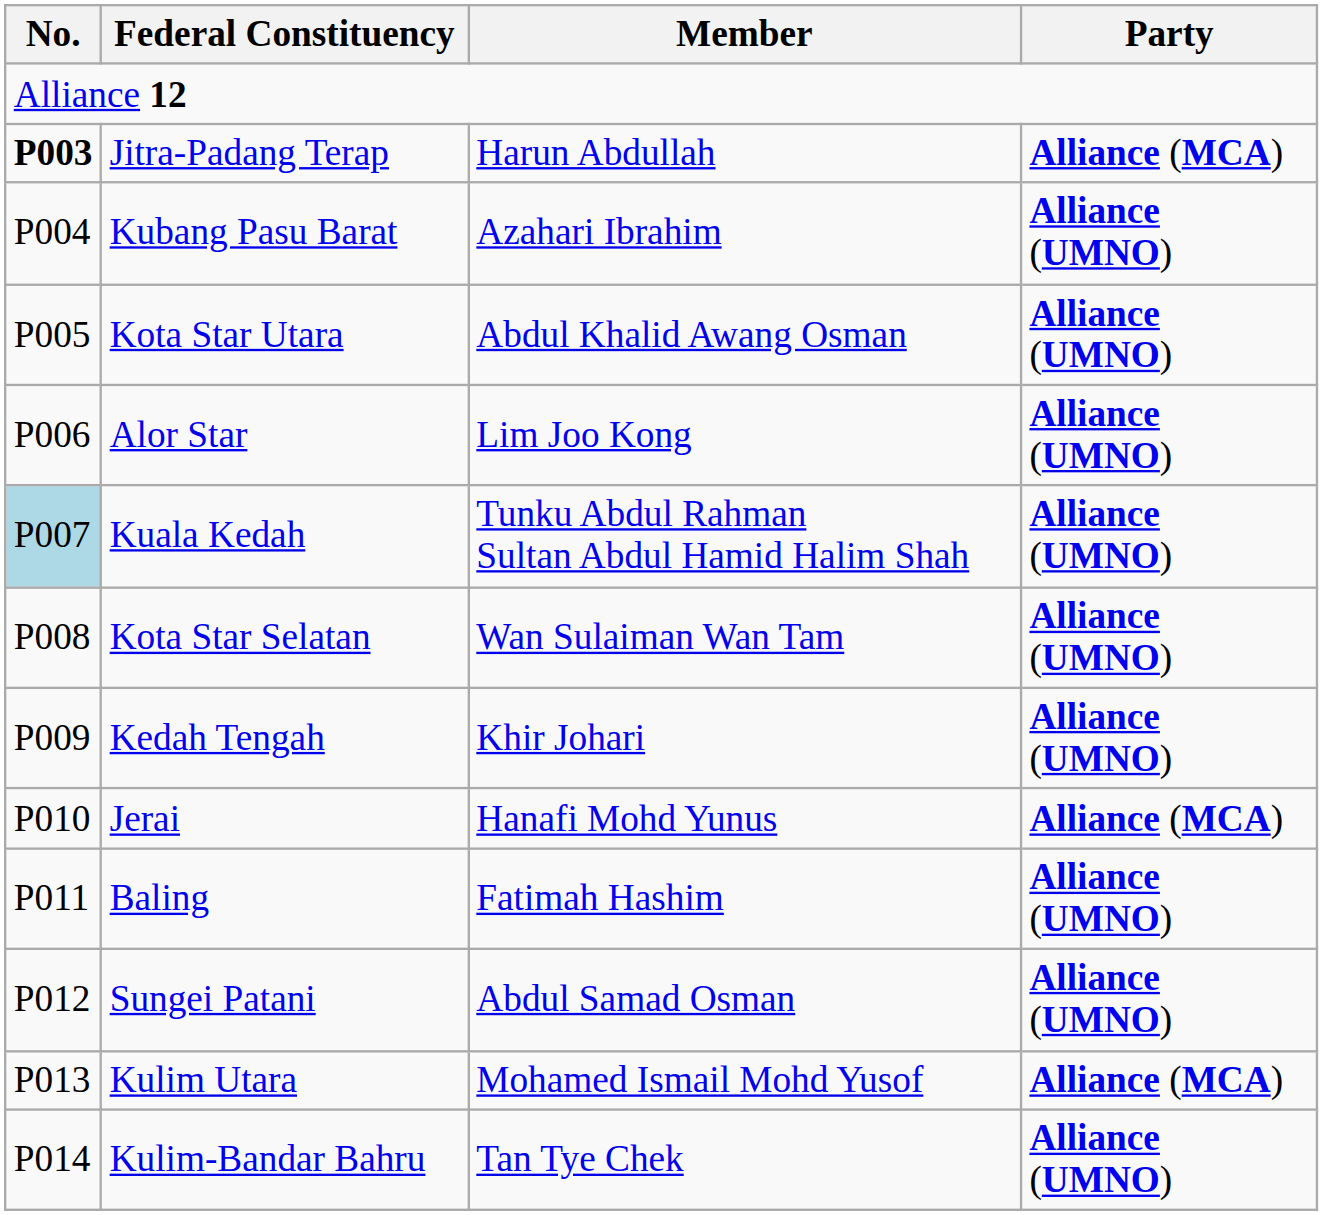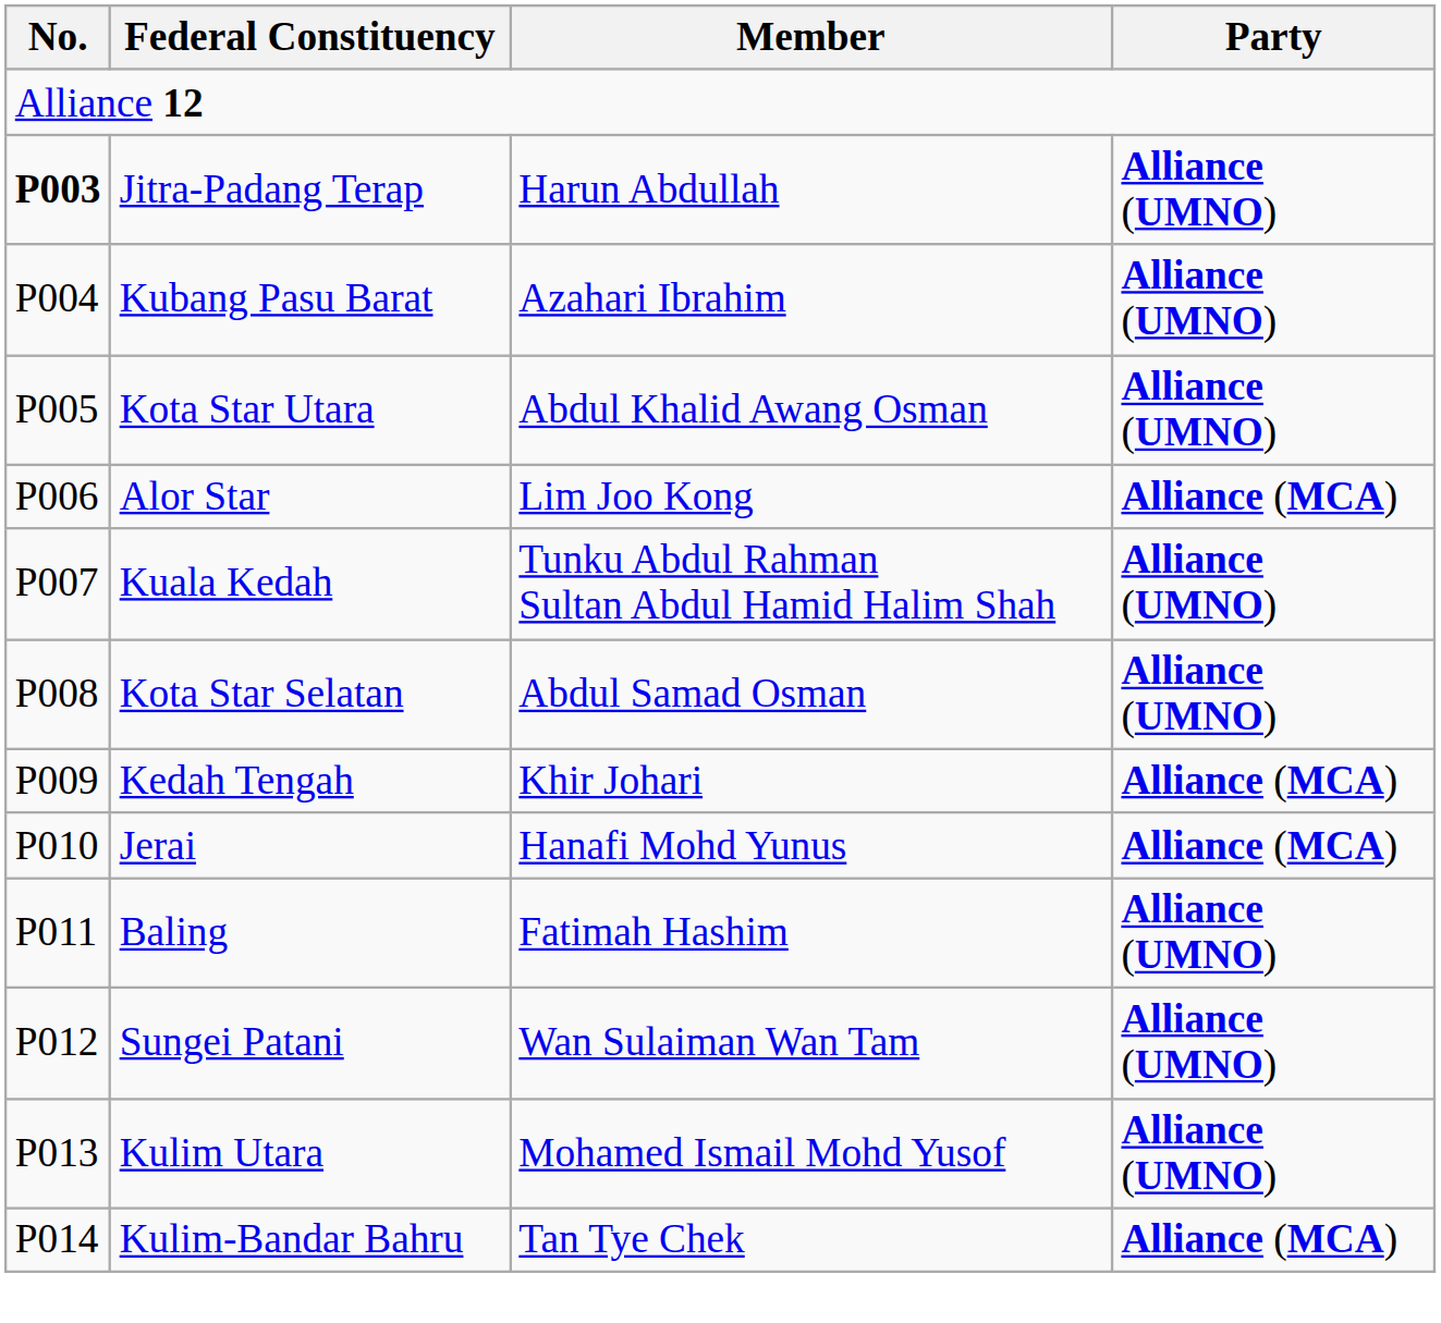 <table class="wikitable sortable">
 <tr>
 <th style="width:30px;">No.</th>
 <th style="width:150px;">Federal Constituency</th>
 <th style="width:230px;">Member</th>
 <th style="width:120px;">Party</th>
 </tr>
 <tr>
 <td colspan="4"><a href='#'>Alliance</a> <strong>12</strong></td>
 </tr>
 <tr>
 <td><strong>P003</strong></td>
 <td><a href='#'>Jitra-Padang Terap</a></td>
 <td><a href='#'>Harun Abdullah</a></td>
-<td><strong><a href='#'>Alliance</a></strong> (<strong><a href='#'>MCA</a></strong>)</td>
+<td><strong><a href='#'>Alliance</a></strong> (<strong><a href='#'>UMNO</a></strong>)</td>
 </tr>
 <tr>
 <td>P004</td>
 <td><a href='#'>Kubang Pasu Barat</a></td>
 <td><a href='#'>Azahari Ibrahim</a></td>
 <td><strong><a href='#'>Alliance</a></strong> (<strong><a href='#'>UMNO</a></strong>)</td>
 </tr>
 <tr>
 <td>P005</td>
 <td><a href='#'>Kota Star Utara</a></td>
 <td><a href='#'>Abdul Khalid Awang Osman</a></td>
 <td><strong><a href='#'>Alliance</a></strong> (<strong><a href='#'>UMNO</a></strong>)</td>
 </tr>
 <tr>
 <td>P006</td>
 <td><a href='#'>Alor Star</a></td>
 <td><a href='#'>Lim Joo Kong</a></td>
-<td><strong><a href='#'>Alliance</a></strong> (<strong><a href='#'>UMNO</a></strong>)</td>
+<td><strong><a href='#'>Alliance</a></strong> (<strong><a href='#'>MCA</a></strong>)</td>
 </tr>
 <tr>
-<td style="background: lightblue;">P007</td>
+<td>P007</td>
 <td><a href='#'>Kuala Kedah</a></td>
 <td><a href='#'>Tunku Abdul Rahman<br>Sultan Abdul Hamid Halim Shah</a></td>
 <td><strong><a href='#'>Alliance</a></strong> (<strong><a href='#'>UMNO</a></strong>)</td>
 </tr>
 <tr>
 <td>P008</td>
 <td><a href='#'>Kota Star Selatan</a></td>
-<td><a href='#'>Wan Sulaiman Wan Tam</a></td>
+<td><a href='#'>Abdul Samad Osman</a></td>
 <td><strong><a href='#'>Alliance</a></strong> (<strong><a href='#'>UMNO</a></strong>)</td>
 </tr>
 <tr>
 <td>P009</td>
 <td><a href='#'>Kedah Tengah</a></td>
 <td><a href='#'>Khir Johari</a> </td>
-<td><strong><a href='#'>Alliance</a></strong> (<strong><a href='#'>UMNO</a></strong>)</td>
+<td><strong><a href='#'>Alliance</a></strong> (<strong><a href='#'>MCA</a></strong>)</td>
 </tr>
 <tr>
 <td>P010</td>
 <td><a href='#'>Jerai</a></td>
 <td><a href='#'>Hanafi Mohd Yunus</a></td>
 <td><strong><a href='#'>Alliance</a></strong> (<strong><a href='#'>MCA</a></strong>)</td>
 </tr>
 <tr>
 <td>P011</td>
 <td><a href='#'>Baling</a></td>
 <td><a href='#'>Fatimah Hashim</a></td>
 <td><strong><a href='#'>Alliance</a></strong> (<strong><a href='#'>UMNO</a></strong>)</td>
 </tr>
 <tr>
 <td>P012</td>
 <td><a href='#'>Sungei Patani</a></td>
-<td><a href='#'>Abdul Samad Osman</a></td>
+<td><a href='#'>Wan Sulaiman Wan Tam</a></td>
 <td><strong><a href='#'>Alliance</a></strong> (<strong><a href='#'>UMNO</a></strong>)</td>
 </tr>
 <tr>
 <td>P013</td>
 <td><a href='#'>Kulim Utara</a></td>
 <td><a href='#'>Mohamed Ismail Mohd Yusof</a></td>
-<td><strong><a href='#'>Alliance</a></strong> (<strong><a href='#'>MCA</a></strong>)</td>
+<td><strong><a href='#'>Alliance</a></strong> (<strong><a href='#'>UMNO</a></strong>)</td>
 </tr>
 <tr>
 <td>P014</td>
 <td><a href='#'>Kulim-Bandar Bahru</a></td>
 <td><a href='#'>Tan Tye Chek</a></td>
-<td><strong><a href='#'>Alliance</a></strong> (<strong><a href='#'>UMNO</a></strong>)</td>
+<td><strong><a href='#'>Alliance</a></strong> (<strong><a href='#'>MCA</a></strong>)</td>
 </tr>
 </table>
